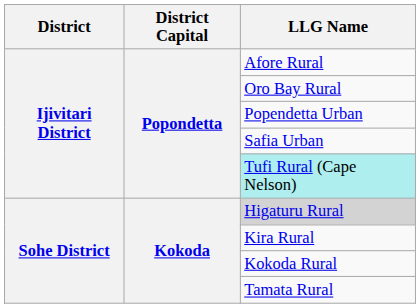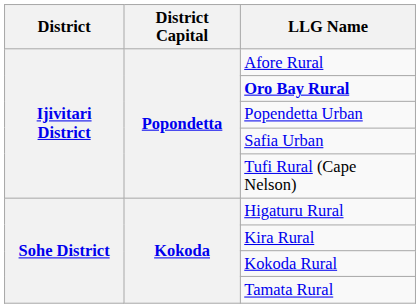 <table class="wikitable" style="text-align: left;" width="400">
 <tr>
 <th>District</th>
 <th>District Capital</th>
 <th>LLG Name</th>
 </tr>
 <tr>
 <th rowspan="5"><a href='#'>Ijivitari District</a></th>
 <th rowspan="5"><a href='#'>Popondetta</a></th>
 <td><a href='#'>Afore Rural</a></td>
 </tr>
 <tr>
-<td><a href='#'>Oro Bay Rural</a></td>
+<td><strong><a href='#'>Oro Bay Rural</a></strong></td>
 </tr>
 <tr>
 <td><a href='#'>Popendetta Urban</a></td>
 </tr>
 <tr>
 <td><a href='#'>Safia Urban</a></td>
 </tr>
 <tr>
-<td style="background: paleturquoise;"><a href='#'>Tufi Rural</a> (Cape Nelson)</td>
+<td><a href='#'>Tufi Rural</a> (Cape Nelson)</td>
 </tr>
 <tr>
 <th rowspan="4"><a href='#'>Sohe District</a></th>
 <th rowspan="4"><a href='#'>Kokoda</a></th>
-<td style="background: lightgrey;"><a href='#'>Higaturu Rural</a></td>
+<td><a href='#'>Higaturu Rural</a></td>
 </tr>
 <tr>
 <td><a href='#'>Kira Rural</a></td>
 </tr>
 <tr>
 <td><a href='#'>Kokoda Rural</a></td>
 </tr>
 <tr>
 <td><a href='#'>Tamata Rural</a></td>
 </tr>
 </table>
